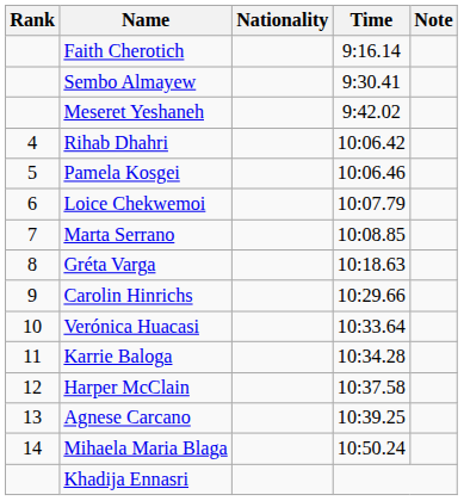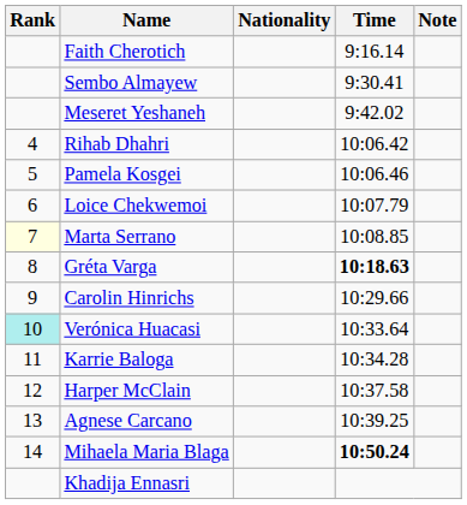 <table class="wikitable sortable" style="text-align:center">
 <tr>
 <th>Rank</th>
 <th>Name</th>
 <th>Nationality</th>
 <th>Time</th>
 <th>Note</th>
 </tr>
 <tr>
 <td></td>
 <td align=left><a href='#'>Faith Cherotich</a></td>
 <td align=left></td>
 <td>9:16.14</td>
 <td></td>
 </tr>
 <tr>
 <td></td>
 <td align=left><a href='#'>Sembo Almayew</a></td>
 <td align=left></td>
 <td>9:30.41</td>
 <td></td>
 </tr>
 <tr>
 <td></td>
 <td align=left><a href='#'>Meseret Yeshaneh</a></td>
 <td align=left></td>
 <td>9:42.02</td>
 <td></td>
 </tr>
 <tr>
 <td>4</td>
 <td align=left><a href='#'>Rihab Dhahri</a></td>
 <td align=left></td>
 <td>10:06.42</td>
 <td></td>
 </tr>
 <tr>
 <td>5</td>
 <td align=left><a href='#'>Pamela Kosgei</a></td>
 <td align=left></td>
 <td>10:06.46</td>
 <td></td>
 </tr>
 <tr>
 <td>6</td>
 <td align=left><a href='#'>Loice Chekwemoi</a></td>
 <td align=left></td>
 <td>10:07.79</td>
 <td></td>
 </tr>
 <tr>
-<td>7</td>
+<td style="background: lightyellow;">7</td>
 <td align=left><a href='#'>Marta Serrano</a></td>
 <td align=left></td>
 <td>10:08.85</td>
 <td></td>
 </tr>
 <tr>
 <td>8</td>
 <td align=left><a href='#'>Gréta Varga</a></td>
 <td align=left></td>
-<td>10:18.63</td>
+<td><strong>10:18.63</strong></td>
 <td></td>
 </tr>
 <tr>
 <td>9</td>
 <td align=left><a href='#'>Carolin Hinrichs</a></td>
 <td align=left></td>
 <td>10:29.66</td>
 <td></td>
 </tr>
 <tr>
-<td>10</td>
+<td style="background: paleturquoise;">10</td>
 <td align=left><a href='#'>Verónica Huacasi</a></td>
 <td align=left></td>
 <td>10:33.64</td>
 <td></td>
 </tr>
 <tr>
 <td>11</td>
 <td align=left><a href='#'>Karrie Baloga</a></td>
 <td align=left></td>
 <td>10:34.28</td>
 <td></td>
 </tr>
 <tr>
 <td>12</td>
 <td align=left><a href='#'>Harper McClain</a></td>
 <td align=left></td>
 <td>10:37.58</td>
 <td></td>
 </tr>
 <tr>
 <td>13</td>
 <td align=left><a href='#'>Agnese Carcano</a></td>
 <td align=left></td>
 <td>10:39.25</td>
 <td></td>
 </tr>
 <tr>
 <td>14</td>
 <td align=left><a href='#'>Mihaela Maria Blaga</a></td>
 <td align=left></td>
-<td>10:50.24</td>
+<td><strong>10:50.24</strong></td>
 <td></td>
 </tr>
 <tr>
 <td></td>
 <td align=left><a href='#'>Khadija Ennasri</a></td>
 <td align=left></td>
 <td colspan=2></td>
 </tr>
 </table>
